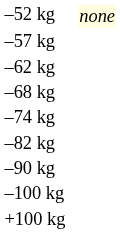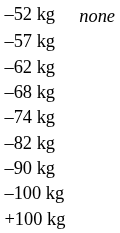 <table>
 <tr>
 <td rowspan=2>–52 kg<br></td>
 <td rowspan=2></td>
 <td rowspan=2></td>
 <td></td>
 </tr>
 <tr>
-<td style="background: lightyellow;"><em>none</em></td>
+<td><em>none</em></td>
 </tr>
 <tr>
 <td rowspan=2>–57 kg<br></td>
 <td rowspan=2></td>
 <td rowspan=2></td>
 <td></td>
 </tr>
 <tr>
 <td></td>
 </tr>
 <tr>
 <td rowspan=2>–62 kg<br></td>
 <td rowspan=2></td>
 <td rowspan=2></td>
 <td></td>
 </tr>
 <tr>
 <td></td>
 </tr>
 <tr>
 <td rowspan=2>–68 kg<br></td>
 <td rowspan=2></td>
 <td rowspan=2></td>
 <td></td>
 </tr>
 <tr>
 <td></td>
 </tr>
 <tr>
 <td rowspan=2>–74 kg<br></td>
 <td rowspan=2></td>
 <td rowspan=2></td>
 <td></td>
 </tr>
 <tr>
 <td></td>
 </tr>
 <tr>
 <td rowspan=2>–82 kg<br></td>
 <td rowspan=2></td>
 <td rowspan=2></td>
 <td></td>
 </tr>
 <tr>
 <td></td>
 </tr>
 <tr>
 <td rowspan=2>–90 kg<br></td>
 <td rowspan=2></td>
 <td rowspan=2></td>
 <td></td>
 </tr>
 <tr>
 <td></td>
 </tr>
 <tr>
 <td rowspan=2>–100 kg<br></td>
 <td rowspan=2></td>
 <td rowspan=2></td>
 <td></td>
 </tr>
 <tr>
 <td></td>
 </tr>
 <tr>
 <td rowspan=2>+100 kg<br></td>
 <td rowspan=2></td>
 <td rowspan=2></td>
 <td></td>
 </tr>
 <tr>
 <td></td>
 </tr>
 <tr>
 </tr>
 </table>
